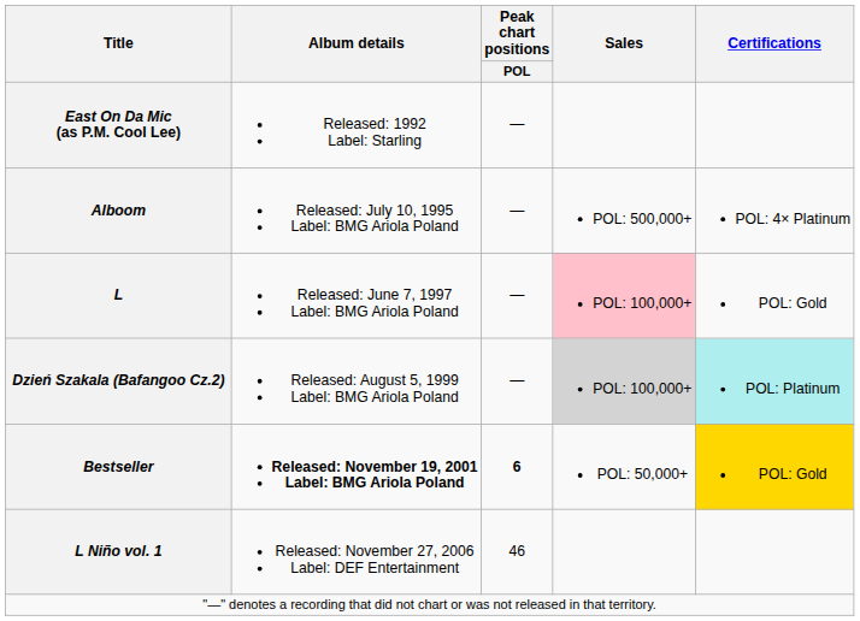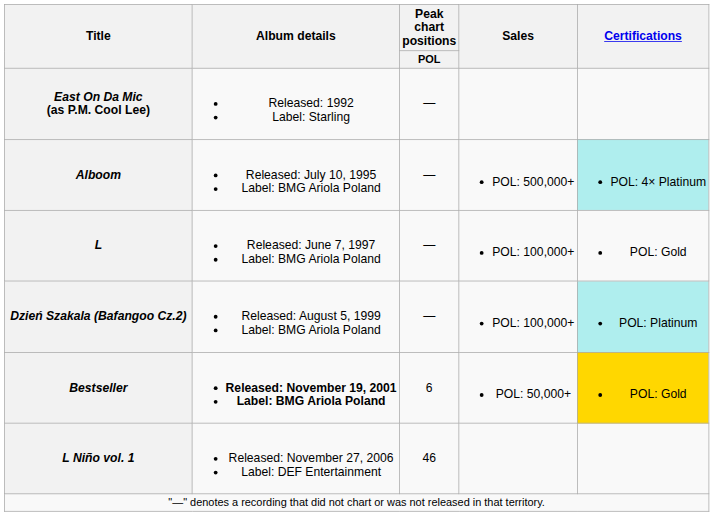 <table class="wikitable plainrowheaders" style="text-align:center;">
 <tr>
 <th scope="col" rowspan="2" style="width:15em;">Title</th>
 <th scope="col" rowspan="2">Album details</th>
 <th scope="col" colspan="1">Peak chart positions</th>
 <th scope="col" rowspan="2">Sales</th>
 <th scope="col" rowspan="2"><a href='#'>Certifications</a></th>
 </tr>
 <tr>
 <th scope="col" style="width:3em;font-size:90%;">POL<br></th>
 </tr>
 <tr>
 <th scope="row"><em>East On Da Mic</em><br>(as P.M. Cool Lee)</th>
 <td><br><ul><li>Released: 1992</li><li>Label: Starling</li></ul></td>
 <td>—</td>
 <td></td>
 <td></td>
 </tr>
 <tr>
 <th scope="row"><em>Alboom</em></th>
 <td><br><ul><li>Released: July 10, 1995</li><li>Label: BMG Ariola Poland</li></ul></td>
 <td>—</td>
 <td><br><ul><li>POL: 500,000+</li></ul></td>
-<td><br><ul><li>POL: 4× Platinum</li></ul></td>
+<td style="background: paleturquoise;"><br><ul><li>POL: 4× Platinum</li></ul></td>
 </tr>
 <tr>
 <th scope="row"><em>L</em></th>
 <td><br><ul><li>Released: June 7, 1997</li><li>Label: BMG Ariola Poland</li></ul></td>
 <td>—</td>
-<td style="background: pink;"><br><ul><li>POL: 100,000+</li></ul></td>
+<td><br><ul><li>POL: 100,000+</li></ul></td>
 <td><br><ul><li>POL: Gold</li></ul></td>
 </tr>
 <tr>
 <th scope="row"><em>Dzień Szakala (Bafangoo Cz.2)</em></th>
 <td><br><ul><li>Released: August 5, 1999</li><li>Label: BMG Ariola Poland</li></ul></td>
 <td>—</td>
-<td style="background: lightgrey;"><br><ul><li>POL: 100,000+</li></ul></td>
+<td><br><ul><li>POL: 100,000+</li></ul></td>
 <td style="background: paleturquoise;"><br><ul><li>POL: Platinum</li></ul></td>
 </tr>
 <tr>
 <th scope="row"><em>Bestseller</em></th>
 <td><strong><br><ul><li>Released: November 19, 2001</li><li>Label: BMG Ariola Poland</li></ul></strong></td>
-<td><strong>6</strong></td>
+<td>6</td>
 <td><br><ul><li>POL: 50,000+</li></ul></td>
 <td style="background: gold;"><br><ul><li>POL: Gold</li></ul></td>
 </tr>
 <tr>
 <th scope="row"><em>L Niño vol. 1</em></th>
 <td><br><ul><li>Released: November 27, 2006</li><li>Label: DEF Entertainment</li></ul></td>
 <td>46</td>
 <td></td>
 <td></td>
 </tr>
 <tr>
 <td colspan="20" style="font-size:90%">"—" denotes a recording that did not chart or was not released in that territory.</td>
 </tr>
 </table>
